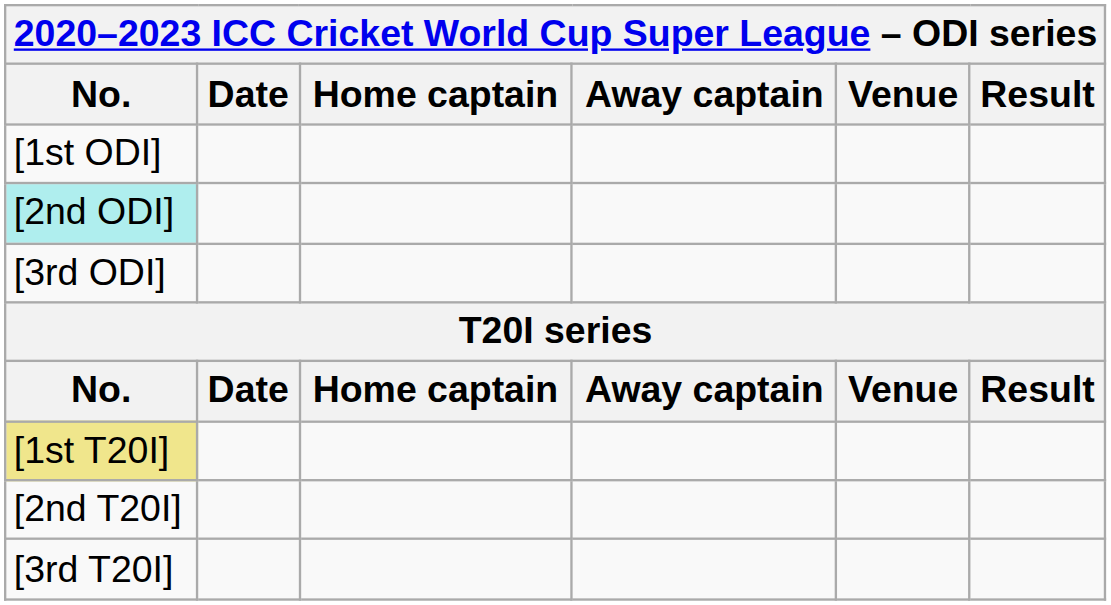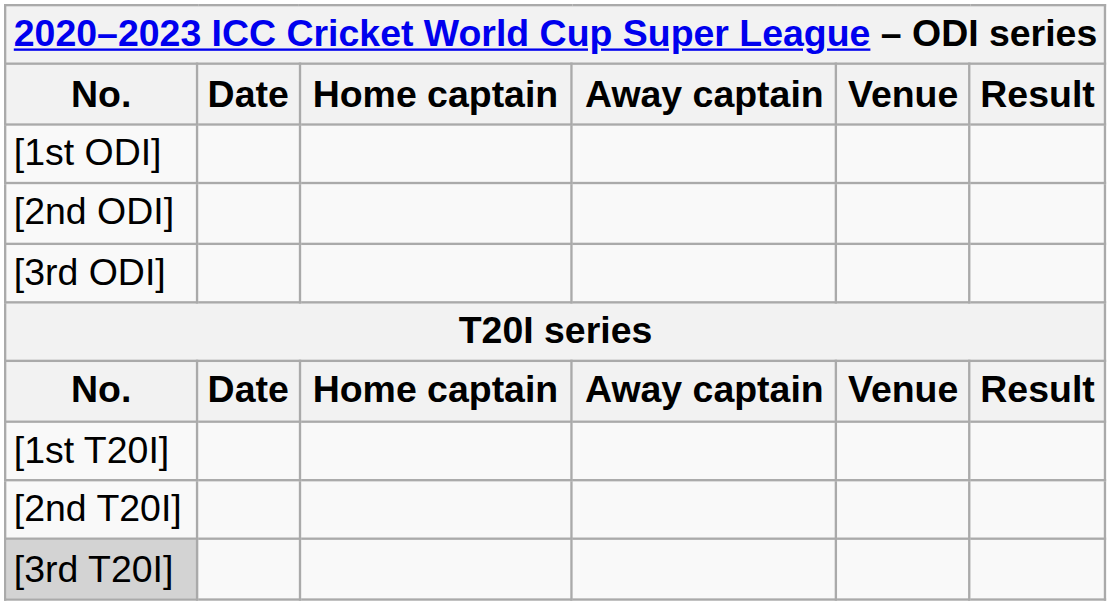 <table class="wikitable">
 <tr>
 <th colspan="9"><a href='#'>2020–2023 ICC Cricket World Cup Super League</a> – ODI series</th>
 </tr>
 <tr>
 <th>No.</th>
 <th>Date</th>
 <th>Home captain</th>
 <th>Away captain</th>
 <th>Venue</th>
 <th>Result</th>
 </tr>
 <tr>
 <td>[1st ODI]</td>
 <td></td>
 <td></td>
 <td></td>
 <td></td>
 <td></td>
 </tr>
 <tr>
-<td style="background: paleturquoise;">[2nd ODI]</td>
+<td>[2nd ODI]</td>
 <td></td>
 <td></td>
 <td></td>
 <td></td>
 <td></td>
 </tr>
 <tr>
 <td>[3rd ODI]</td>
 <td></td>
 <td></td>
 <td></td>
 <td></td>
 <td></td>
 </tr>
 <tr>
 <th colspan="9">T20I series</th>
 </tr>
 <tr>
 <th>No.</th>
 <th>Date</th>
 <th>Home captain</th>
 <th>Away captain</th>
 <th>Venue</th>
 <th>Result</th>
 </tr>
 <tr>
-<td style="background: khaki;">[1st T20I]</td>
+<td>[1st T20I]</td>
 <td></td>
 <td></td>
 <td></td>
 <td></td>
 <td></td>
 </tr>
 <tr>
 <td>[2nd T20I]</td>
 <td></td>
 <td></td>
 <td></td>
 <td></td>
 <td></td>
 </tr>
 <tr>
-<td>[3rd T20I]</td>
+<td style="background: lightgrey;">[3rd T20I]</td>
 <td></td>
 <td></td>
 <td></td>
 <td></td>
 <td></td>
 </tr>
 </table>
